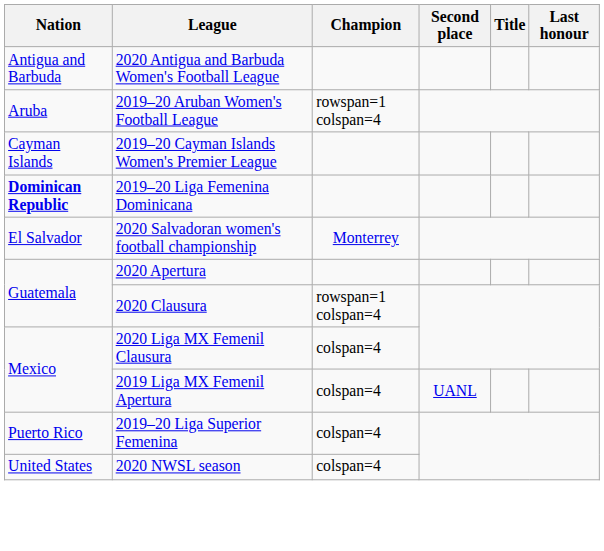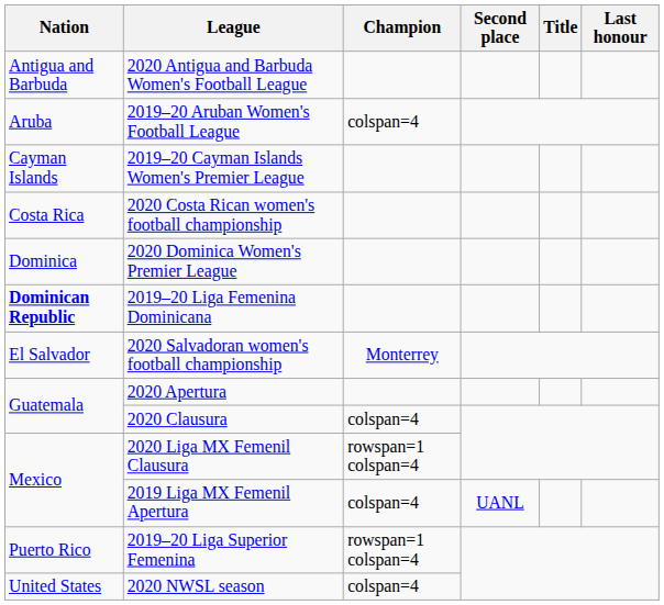 <table class="wikitable sortable">
 <tr>
 <th>Nation</th>
 <th>League</th>
 <th>Champion</th>
 <th>Second place</th>
 <th data-sort-type="number">Title</th>
 <th>Last honour</th>
 </tr>
 <tr>
 <td align=left> <a href='#'>Antigua and Barbuda</a></td>
 <td align=left><a href='#'>2020 Antigua and Barbuda Women's Football League</a></td>
 <td></td>
 <td></td>
 <td></td>
 <td></td>
 </tr>
 <tr>
 <td align=left> <a href='#'>Aruba</a></td>
 <td align=left><a href='#'>2019–20 Aruban Women's Football League</a></td>
-<td>rowspan=1 colspan=4 </td>
+<td>colspan=4 </td>
 </tr>
 <tr>
 <td align=left> <a href='#'>Cayman Islands</a></td>
 <td align=left><a href='#'>2019–20 Cayman Islands Women's Premier League</a></td>
+<td></td>
+<td></td>
+<td></td>
+<td></td>
+</tr>
+<tr>
+<td align=left> <a href='#'>Costa Rica</a></td>
+<td align=left><a href='#'>2020 Costa Rican women's football championship</a></td>
+<td></td>
+<td></td>
+<td></td>
+<td></td>
+</tr>
+<tr>
+<td align=left> <a href='#'>Dominica</a></td>
+<td align=left><a href='#'>2020 Dominica Women's Premier League</a></td>
 <td></td>
 <td></td>
 <td></td>
 <td></td>
 </tr>
 <tr>
 <td align=left><strong> <a href='#'>Dominican Republic</a></strong></td>
 <td align=left><a href='#'>2019–20 Liga Femenina Dominicana</a></td>
 <td></td>
 <td></td>
 <td></td>
 <td></td>
 </tr>
 <tr>
 <td align=left> <a href='#'>El Salvador</a></td>
 <td align=left><a href='#'>2020 Salvadoran women's football championship</a></td>
 <td align=center><a href='#'>Monterrey</a></td>
 </tr>
 <tr>
 <td align=left rowspan=2> <a href='#'>Guatemala</a></td>
 <td align=left><a href='#'>2020 Apertura</a></td>
 <td></td>
 <td></td>
 <td></td>
 <td></td>
 </tr>
 <tr>
 <td align=left><a href='#'>2020 Clausura</a></td>
-<td>rowspan=1 colspan=4 </td>
+<td>colspan=4 </td>
 </tr>
 <tr>
 <td rowspan=2> <a href='#'>Mexico</a></td>
 <td><a href='#'>2020 Liga MX Femenil Clausura</a></td>
-<td>colspan=4 </td>
+<td>rowspan=1 colspan=4 </td>
 </tr>
 <tr>
 <td><a href='#'>2019 Liga MX Femenil Apertura</a></td>
 <td>colspan=4 </td>
 <td align=center><a href='#'>UANL</a></td>
 <td></td>
 <td></td>
 </tr>
 <tr>
 <td align=left> <a href='#'>Puerto Rico</a></td>
 <td align=left><a href='#'>2019–20 Liga Superior Femenina</a></td>
-<td>colspan=4 </td>
+<td>rowspan=1 colspan=4 </td>
 </tr>
 <tr>
 <td> <a href='#'>United States</a></td>
 <td><a href='#'>2020 NWSL season</a></td>
 <td>colspan=4 </td>
 </tr>
 </table>
